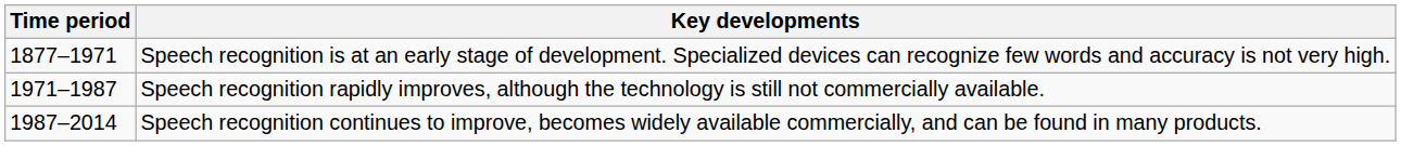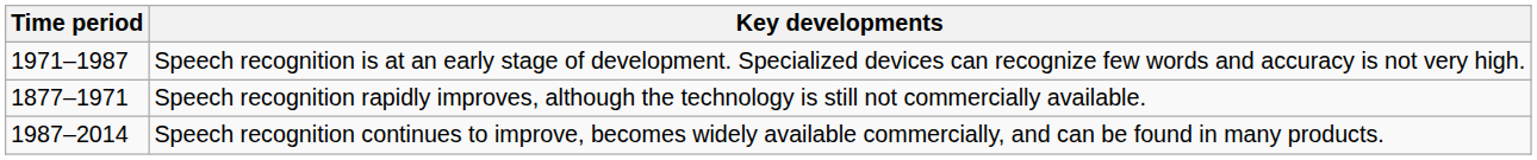 <table class="wikitable sortable">
 <tr>
 <th>Time period</th>
 <th>Key developments</th>
 </tr>
 <tr>
-<td>1877–1971</td>
+<td>1971–1987</td>
 <td>Speech recognition is at an early stage of development.  Specialized devices can recognize few words and accuracy is not very high.</td>
 </tr>
 <tr>
-<td>1971–1987</td>
+<td>1877–1971</td>
 <td>Speech recognition rapidly improves, although the technology is still not commercially available.</td>
 </tr>
 <tr>
 <td>1987–2014</td>
 <td>Speech recognition continues to improve, becomes widely available commercially, and can be found in many products.</td>
 </tr>
 </table>
